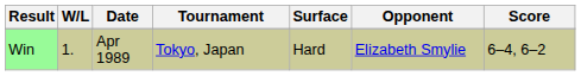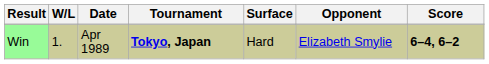 <table class="sortable wikitable">
 <tr>
 <th style="width:40px">Result</th>
 <th style="width:30px" class="unsortable">W/L</th>
 <th style="width:65px">Date</th>
 <th style="width:160px">Tournament</th>
 <th style="width:50px">Surface</th>
 <th style="width:160px">Opponent</th>
 <th style="width:110px" class="unsortable">Score</th>
 </tr>
 <tr>
 </tr>
 <tr bgcolor=#CCCC99>
 <td style="background:#98fb98;">Win</td>
 <td>1.</td>
 <td>Apr 1989</td>
-<td><a href='#'>Tokyo</a>, Japan</td>
+<td><strong><a href='#'>Tokyo</a>, Japan</strong></td>
 <td>Hard</td>
 <td> <a href='#'>Elizabeth Smylie</a></td>
-<td>6–4, 6–2</td>
+<td><strong>6–4, 6–2</strong></td>
 </tr>
 </table>
